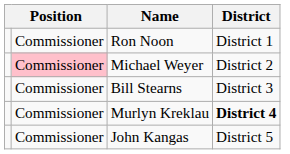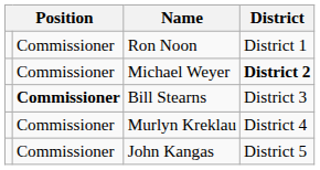 <table class="wikitable">
 <tr>
 <th colspan="2">Position</th>
 <th>Name</th>
 <th>District</th>
 </tr>
 <tr>
 <td></td>
 <td>Commissioner</td>
 <td>Ron Noon</td>
 <td>District 1</td>
 </tr>
 <tr>
 <td></td>
-<td style="background: pink;">Commissioner</td>
+<td>Commissioner</td>
 <td>Michael Weyer</td>
-<td>District 2</td>
+<td><strong>District 2</strong></td>
 </tr>
 <tr>
 <td></td>
-<td>Commissioner</td>
+<td><strong>Commissioner</strong></td>
 <td>Bill Stearns</td>
 <td>District 3</td>
 </tr>
 <tr>
 <td></td>
 <td>Commissioner</td>
 <td>Murlyn Kreklau</td>
-<td><strong>District 4</strong></td>
+<td>District 4</td>
 </tr>
 <tr>
 <td></td>
 <td>Commissioner</td>
 <td>John Kangas</td>
 <td>District 5</td>
 </tr>
 </table>
